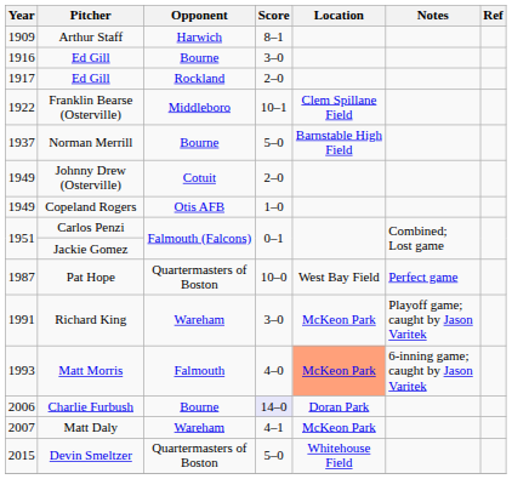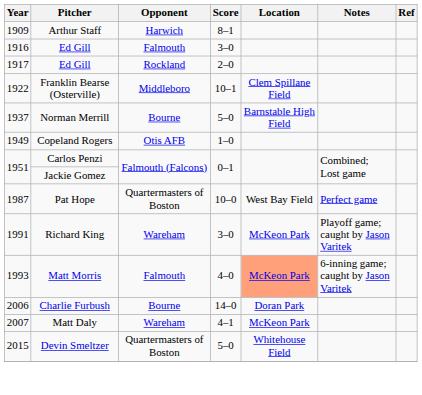 <table class="wikitable" style="text-align:center">
 <tr>
 <th scope="col">Year</th>
 <th scope="col">Pitcher</th>
 <th scope="col">Opponent</th>
 <th scope="col">Score</th>
 <th scope="col">Location</th>
 <th scope="col">Notes</th>
 <th scope="col">Ref</th>
 </tr>
 <tr>
 <td>1909</td>
 <td>Arthur Staff</td>
 <td><a href='#'>Harwich</a></td>
 <td>8–1</td>
 <td></td>
 <td></td>
 <td></td>
 </tr>
 <tr>
 <td>1916</td>
 <td><a href='#'>Ed Gill</a></td>
-<td><a href='#'>Bourne</a></td>
+<td><a href='#'>Falmouth</a></td>
 <td>3–0</td>
 <td></td>
 <td></td>
 <td></td>
 </tr>
 <tr>
 <td>1917</td>
 <td><a href='#'>Ed Gill</a></td>
 <td><a href='#'>Rockland</a></td>
 <td>2–0</td>
 <td></td>
 <td></td>
 <td></td>
 </tr>
 <tr>
 <td>1922</td>
 <td>Franklin Bearse (Osterville)</td>
 <td><a href='#'>Middleboro</a></td>
 <td>10–1</td>
 <td><a href='#'>Clem Spillane Field</a></td>
 <td></td>
 <td></td>
 </tr>
 <tr>
 <td>1937</td>
 <td>Norman Merrill</td>
 <td><a href='#'>Bourne</a></td>
 <td>5–0</td>
 <td><a href='#'>Barnstable High Field</a></td>
-<td></td>
-<td></td>
-</tr>
-<tr>
-<td>1949</td>
-<td>Johnny Drew (Osterville)</td>
-<td><a href='#'>Cotuit</a></td>
-<td>2–0</td>
-<td></td>
 <td></td>
 <td></td>
 </tr>
 <tr>
 <td>1949</td>
 <td>Copeland Rogers</td>
 <td><a href='#'>Otis AFB</a></td>
 <td>1–0</td>
 <td></td>
 <td></td>
 <td></td>
 </tr>
 <tr>
 <td rowspan="2">1951</td>
 <td>Carlos Penzi</td>
 <td rowspan="2"><a href='#'>Falmouth (Falcons)</a></td>
 <td rowspan="2">0–1</td>
 <td rowspan="2"></td>
 <td style="text-align:left" rowspan="2">Combined;<br>Lost game</td>
 <td rowspan="2"></td>
 </tr>
 <tr>
 <td>Jackie Gomez</td>
 </tr>
 <tr>
 <td>1987</td>
 <td>Pat Hope</td>
 <td>Quartermasters of Boston</td>
 <td>10–0</td>
 <td>West Bay Field</td>
 <td style="text-align:left"><a href='#'>Perfect game</a></td>
 <td></td>
 </tr>
 <tr>
 <td>1991</td>
 <td>Richard King</td>
 <td><a href='#'>Wareham</a></td>
 <td>3–0</td>
 <td><a href='#'>McKeon Park</a></td>
 <td style="text-align:left">Playoff game;<br>caught by <a href='#'>Jason Varitek</a></td>
 <td></td>
 </tr>
 <tr>
 <td>1993</td>
 <td><a href='#'>Matt Morris</a></td>
 <td><a href='#'>Falmouth</a></td>
 <td>4–0</td>
 <td style="background: lightsalmon;"><a href='#'>McKeon Park</a></td>
 <td style="text-align:left">6-inning game;<br>caught by <a href='#'>Jason Varitek</a></td>
 <td></td>
 </tr>
 <tr>
 <td>2006</td>
 <td><a href='#'>Charlie Furbush</a></td>
 <td><a href='#'>Bourne</a></td>
-<td style="background: lavender;">14–0</td>
+<td>14–0</td>
 <td><a href='#'>Doran Park</a></td>
 <td></td>
 <td></td>
 </tr>
 <tr>
 <td>2007</td>
 <td>Matt Daly</td>
 <td><a href='#'>Wareham</a></td>
 <td>4–1</td>
 <td><a href='#'>McKeon Park</a></td>
 <td></td>
 <td></td>
 </tr>
 <tr>
 <td>2015</td>
 <td><a href='#'>Devin Smeltzer</a></td>
 <td>Quartermasters of Boston</td>
 <td>5–0</td>
 <td><a href='#'>Whitehouse Field</a></td>
 <td></td>
 <td></td>
 </tr>
 <tr>
 </tr>
 </table>
